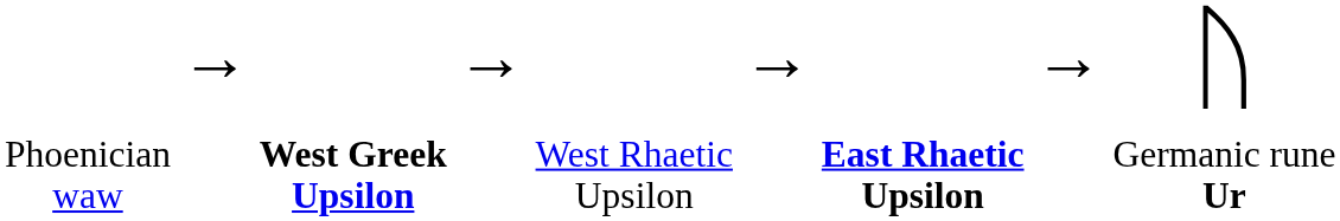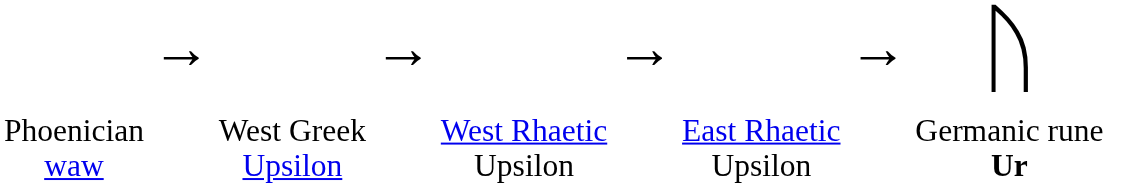 <table style="text-align:center">
 <tr>
 <td style="padding-left:1em"></td>
 <td style="font-size:30px">→</td>
 <td></td>
 <td style="font-size:30px">→</td>
 <td></td>
 <td style="font-size:30px">→</td>
 <td></td>
 <td style="font-size:30px">→</td>
 <td style="font-size:50px">ᚢ</td>
 </tr>
 <tr>
 <td>Phoenician<br><a href='#'>waw</a></td>
 <td></td>
-<td><strong>West Greek<br><a href='#'>Upsilon</a></strong></td>
+<td>West Greek<br><a href='#'>Upsilon</a></td>
 <td></td>
 <td><a href='#'>West Rhaetic</a><br>Upsilon</td>
 <td></td>
-<td><strong><a href='#'>East Rhaetic</a><br>Upsilon</strong></td>
+<td><a href='#'>East Rhaetic</a><br>Upsilon</td>
 <td></td>
 <td>Germanic rune<br><strong>Ur</strong></td>
 </tr>
 </table>
